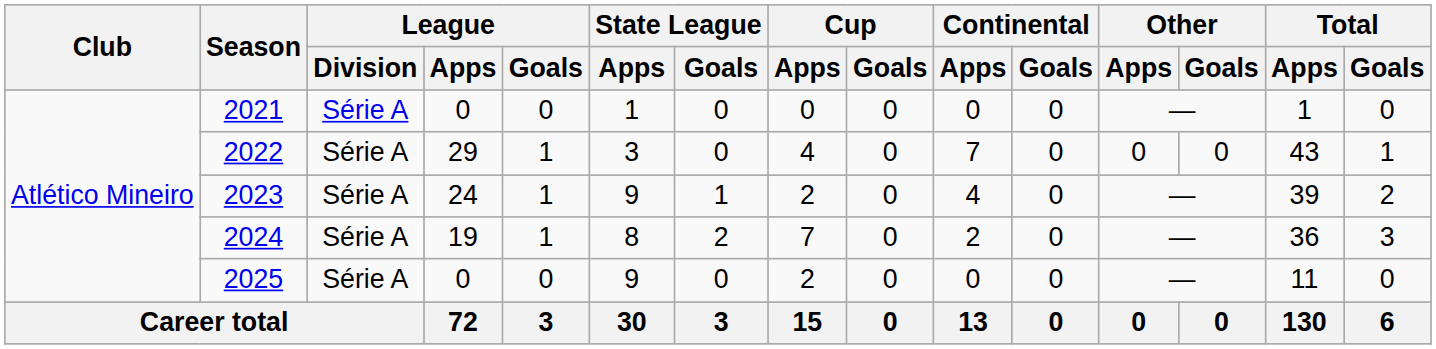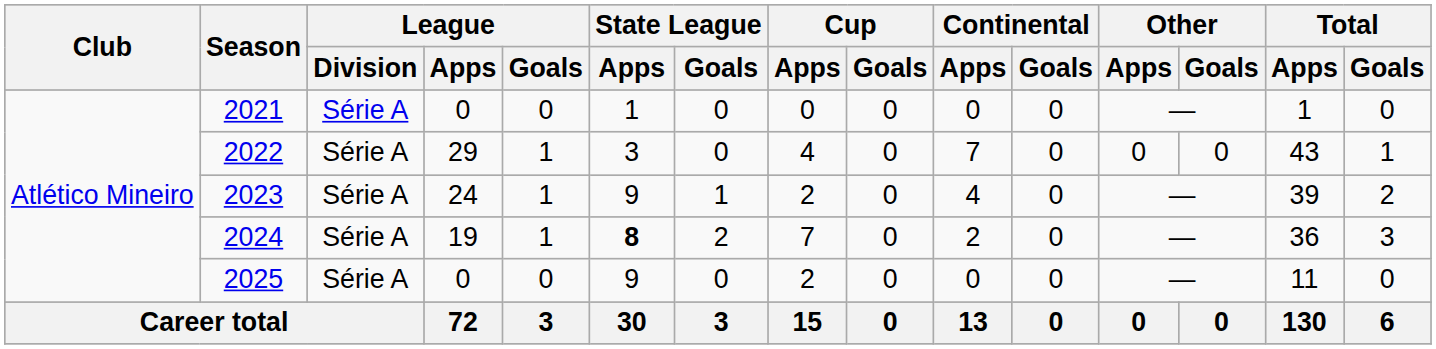 <table class="wikitable" style="text-align: center;">
 <tr>
 <th rowspan="2">Club</th>
 <th rowspan="2">Season</th>
 <th colspan="3">League</th>
 <th colspan="2">State League</th>
 <th colspan="2">Cup</th>
 <th colspan="2">Continental</th>
 <th colspan="2">Other</th>
 <th colspan="2">Total</th>
 </tr>
 <tr>
 <th>Division</th>
 <th>Apps</th>
 <th>Goals</th>
 <th>Apps</th>
 <th>Goals</th>
 <th>Apps</th>
 <th>Goals</th>
 <th>Apps</th>
 <th>Goals</th>
 <th>Apps</th>
 <th>Goals</th>
 <th>Apps</th>
 <th>Goals</th>
 </tr>
 <tr>
 <td rowspan=5><a href='#'>Atlético Mineiro</a></td>
 <td><a href='#'>2021</a></td>
 <td><a href='#'>Série A</a></td>
 <td>0</td>
 <td>0</td>
 <td>1</td>
 <td>0</td>
 <td>0</td>
 <td>0</td>
 <td>0</td>
 <td>0</td>
 <td colspan="2">—</td>
 <td>1</td>
 <td>0</td>
 </tr>
 <tr>
 <td><a href='#'>2022</a></td>
 <td>Série A</td>
 <td>29</td>
 <td>1</td>
 <td>3</td>
 <td>0</td>
 <td>4</td>
 <td>0</td>
 <td>7</td>
 <td>0</td>
 <td>0</td>
 <td>0</td>
 <td>43</td>
 <td>1</td>
 </tr>
 <tr>
 <td><a href='#'>2023</a></td>
 <td>Série A</td>
 <td>24</td>
 <td>1</td>
 <td>9</td>
 <td>1</td>
 <td>2</td>
 <td>0</td>
 <td>4</td>
 <td>0</td>
 <td colspan="2">—</td>
 <td>39</td>
 <td>2</td>
 </tr>
 <tr>
 <td><a href='#'>2024</a></td>
 <td>Série A</td>
 <td>19</td>
 <td>1</td>
-<td>8</td>
+<td><strong>8</strong></td>
 <td>2</td>
 <td>7</td>
 <td>0</td>
 <td>2</td>
 <td>0</td>
 <td colspan="2">—</td>
 <td>36</td>
 <td>3</td>
 </tr>
 <tr>
 <td><a href='#'>2025</a></td>
 <td>Série A</td>
 <td>0</td>
 <td>0</td>
 <td>9</td>
 <td>0</td>
 <td>2</td>
 <td>0</td>
 <td>0</td>
 <td>0</td>
 <td colspan="2">—</td>
 <td>11</td>
 <td>0</td>
 </tr>
 <tr>
 <th colspan="3">Career total</th>
 <th>72</th>
 <th>3</th>
 <th>30</th>
 <th>3</th>
 <th>15</th>
 <th>0</th>
 <th>13</th>
 <th>0</th>
 <th>0</th>
 <th>0</th>
 <th>130</th>
 <th>6</th>
 </tr>
 </table>
